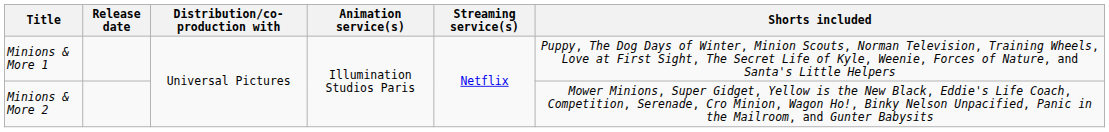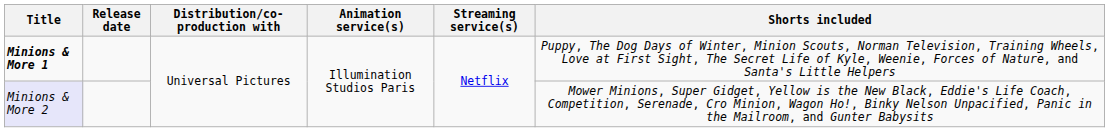 <table class="wikitable sortable">
 <tr>
 <th>Title</th>
 <th>Release date</th>
 <th>Distribution/co-production with</th>
 <th>Animation service(s)</th>
 <th>Streaming service(s)</th>
 <th>Shorts included</th>
 </tr>
 <tr>
-<td style="text-align:left;"><em>Minions & More 1</em></td>
+<td style="text-align:left;"><strong><em>Minions & More 1</em></strong></td>
 <td style="text-align:center;"></td>
 <td rowspan="2" style="text-align:center;">Universal Pictures</td>
 <td rowspan="2" style="text-align:center;">Illumination Studios Paris</td>
 <td rowspan="2" style="text-align:center;"><a href='#'>Netflix</a></td>
 <td style="text-align:center;"><em>Puppy</em>, <em>The Dog Days of Winter</em>, <em>Minion Scouts</em>, <em>Norman Television</em>, <em>Training Wheels</em>, <em>Love at First Sight</em>, <em>The Secret Life of Kyle</em>, <em>Weenie</em>, <em>Forces of Nature</em>, and <em>Santa's Little Helpers</em></td>
 </tr>
 <tr>
-<td style="text-align:left;"><em>Minions & More 2</em></td>
+<td style="background: lavender; text-align:left;"><em>Minions & More 2</em></td>
 <td style="text-align:center;"></td>
 <td style="text-align:center;"><em>Mower Minions</em>, <em>Super Gidget</em>, <em>Yellow is the New Black</em>, <em>Eddie's Life Coach</em>, <em>Competition</em>, <em>Serenade</em>, <em>Cro Minion</em>, <em>Wagon Ho!</em>, <em>Binky Nelson Unpacified</em>, <em>Panic in the Mailroom</em>, and <em>Gunter Babysits</em></td>
 </tr>
 </table>
